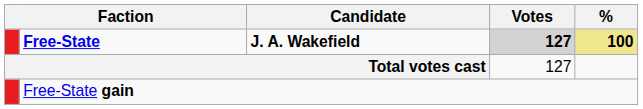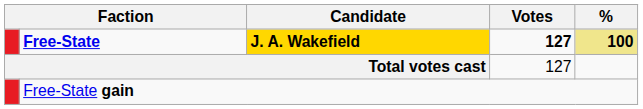 <table class="wikitable plainrowheaders" style="text-align:center;">
 <tr>
 </tr>
 <tr>
 <th scope="col" colspan="2" style="width: 15em">Faction</th>
 <th scope="col" style="width: 15em">Candidate</th>
 <th scope="col" style="width: 5em">Votes</th>
 <th scope="col" style="width: 3.5em">%</th>
 </tr>
 <tr>
 <td style="width: 0.5em; background-color:#E81B23"></td>
 <td style="text-align: left"><strong><a href='#'>Free-State</a></strong></td>
-<td style="text-align: left"><strong>J. A. Wakefield</strong></td>
-<td style="background: lightgrey; text-align: right; margin-right: 0.5em"><strong>127</strong></td>
+<td style="background: gold; text-align: left"><strong>J. A. Wakefield</strong></td>
+<td style="text-align: right; margin-right: 0.5em"><strong>127</strong></td>
 <td style="background: khaki; text-align: right; margin-right: 0.5em"><strong>100</strong></td>
 </tr>
 <tr>
 <th colspan="3" style="text-align:right;">Total votes cast</th>
 <td style="text-align:right;">127</td>
 <td style="text-align:right;"></td>
 </tr>
 <tr>
 <td style="width: 0.5em; background-color:#E81B23"></td>
 <td colspan="4" style="text-align:left;"><a href='#'>Free-State</a> <strong>gain</strong></td>
 </tr>
 </table>
